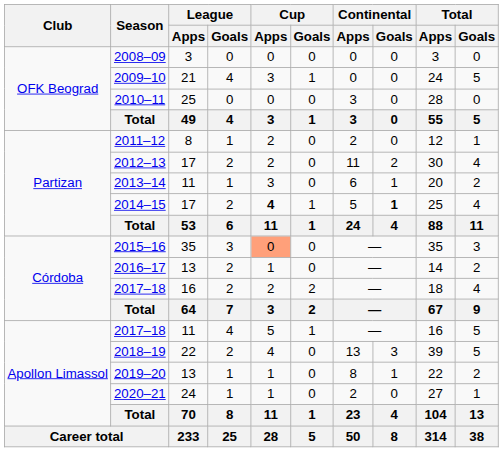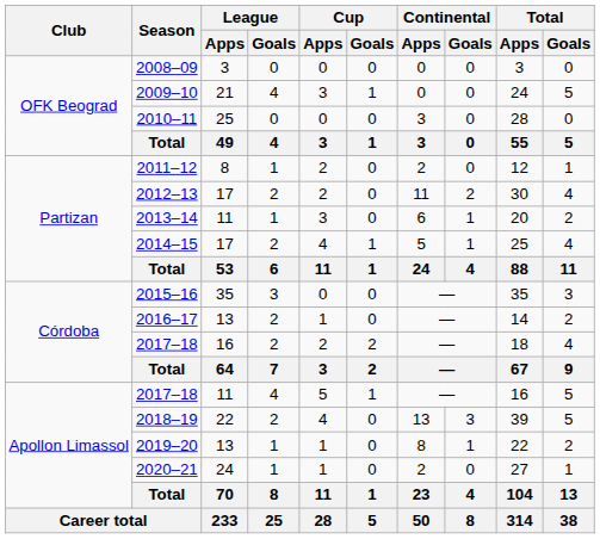 <table class="wikitable" style="text-align:center">
 <tr>
 <th rowspan="2">Club</th>
 <th rowspan="2">Season</th>
 <th colspan="2">League</th>
 <th colspan="2">Cup</th>
 <th colspan="2">Continental</th>
 <th colspan="2">Total</th>
 </tr>
 <tr>
 <th>Apps</th>
 <th>Goals</th>
 <th>Apps</th>
 <th>Goals</th>
 <th>Apps</th>
 <th>Goals</th>
 <th>Apps</th>
 <th>Goals</th>
 </tr>
 <tr>
 <td rowspan="4"><a href='#'>OFK Beograd</a></td>
 <td><a href='#'>2008–09</a></td>
 <td>3</td>
 <td>0</td>
 <td>0</td>
 <td>0</td>
 <td>0</td>
 <td>0</td>
 <td>3</td>
 <td>0</td>
 </tr>
 <tr>
 <td><a href='#'>2009–10</a></td>
 <td>21</td>
 <td>4</td>
 <td>3</td>
 <td>1</td>
 <td>0</td>
 <td>0</td>
 <td>24</td>
 <td>5</td>
 </tr>
 <tr>
 <td><a href='#'>2010–11</a></td>
 <td>25</td>
 <td>0</td>
 <td>0</td>
 <td>0</td>
 <td>3</td>
 <td>0</td>
 <td>28</td>
 <td>0</td>
 </tr>
 <tr>
 <th>Total</th>
 <th>49</th>
 <th>4</th>
 <th>3</th>
 <th>1</th>
 <th>3</th>
 <th>0</th>
 <th>55</th>
 <th>5</th>
 </tr>
 <tr>
 <td rowspan="5"><a href='#'>Partizan</a></td>
 <td><a href='#'>2011–12</a></td>
 <td>8</td>
 <td>1</td>
 <td>2</td>
 <td>0</td>
 <td>2</td>
 <td>0</td>
 <td>12</td>
 <td>1</td>
 </tr>
 <tr>
 <td><a href='#'>2012–13</a></td>
 <td>17</td>
 <td>2</td>
 <td>2</td>
 <td>0</td>
 <td>11</td>
 <td>2</td>
 <td>30</td>
 <td>4</td>
 </tr>
 <tr>
 <td><a href='#'>2013–14</a></td>
 <td>11</td>
 <td>1</td>
 <td>3</td>
 <td>0</td>
 <td>6</td>
 <td>1</td>
 <td>20</td>
 <td>2</td>
 </tr>
 <tr>
 <td><a href='#'>2014–15</a></td>
 <td>17</td>
 <td>2</td>
-<td><strong>4</strong></td>
+<td>4</td>
 <td>1</td>
 <td>5</td>
-<td><strong>1</strong></td>
+<td>1</td>
 <td>25</td>
 <td>4</td>
 </tr>
 <tr>
 <th>Total</th>
 <th>53</th>
 <th>6</th>
 <th>11</th>
 <th>1</th>
 <th>24</th>
 <th>4</th>
 <th>88</th>
 <th>11</th>
 </tr>
 <tr>
 <td rowspan="4"><a href='#'>Córdoba</a></td>
 <td><a href='#'>2015–16</a></td>
 <td>35</td>
 <td>3</td>
-<td style="background: lightsalmon;">0</td>
+<td>0</td>
 <td>0</td>
 <td colspan="2">—</td>
 <td>35</td>
 <td>3</td>
 </tr>
 <tr>
 <td><a href='#'>2016–17</a></td>
 <td>13</td>
 <td>2</td>
 <td>1</td>
 <td>0</td>
 <td colspan="2">—</td>
 <td>14</td>
 <td>2</td>
 </tr>
 <tr>
 <td><a href='#'>2017–18</a></td>
 <td>16</td>
 <td>2</td>
 <td>2</td>
 <td>2</td>
 <td colspan="2">—</td>
 <td>18</td>
 <td>4</td>
 </tr>
 <tr>
 <th>Total</th>
 <th>64</th>
 <th>7</th>
 <th>3</th>
 <th>2</th>
 <th colspan="2">—</th>
 <th>67</th>
 <th>9</th>
 </tr>
 <tr>
 <td rowspan="5"><a href='#'>Apollon Limassol</a></td>
 <td><a href='#'>2017–18</a></td>
 <td>11</td>
 <td>4</td>
 <td>5</td>
 <td>1</td>
 <td colspan="2">—</td>
 <td>16</td>
 <td>5</td>
 </tr>
 <tr>
 <td><a href='#'>2018–19</a></td>
 <td>22</td>
 <td>2</td>
 <td>4</td>
 <td>0</td>
 <td>13</td>
 <td>3</td>
 <td>39</td>
 <td>5</td>
 </tr>
 <tr>
 <td><a href='#'>2019–20</a></td>
 <td>13</td>
 <td>1</td>
 <td>1</td>
 <td>0</td>
 <td>8</td>
 <td>1</td>
 <td>22</td>
 <td>2</td>
 </tr>
 <tr>
 <td><a href='#'>2020–21</a></td>
 <td>24</td>
 <td>1</td>
 <td>1</td>
 <td>0</td>
 <td>2</td>
 <td>0</td>
 <td>27</td>
 <td>1</td>
 </tr>
 <tr>
 <th>Total</th>
 <th>70</th>
 <th>8</th>
 <th>11</th>
 <th>1</th>
 <th>23</th>
 <th>4</th>
 <th>104</th>
 <th>13</th>
 </tr>
 <tr>
 <th colspan="2">Career total</th>
 <th>233</th>
 <th>25</th>
 <th>28</th>
 <th>5</th>
 <th>50</th>
 <th>8</th>
 <th>314</th>
 <th>38</th>
 </tr>
 </table>
